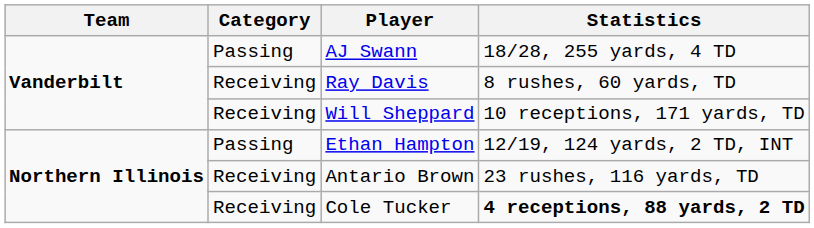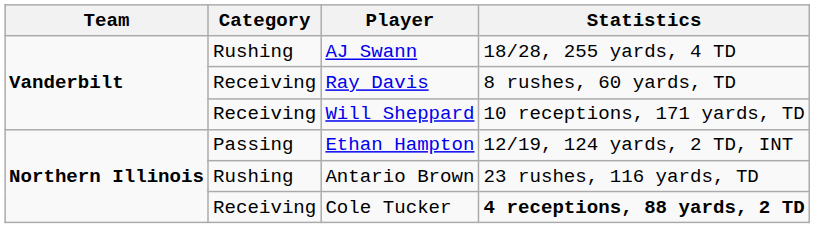 <table class="wikitable" style="float: right;">
 <tr>
 <th>Team</th>
 <th>Category</th>
 <th>Player</th>
 <th>Statistics</th>
 </tr>
 <tr>
 <td rowspan=3><strong>Vanderbilt</strong></td>
-<td>Passing</td>
+<td>Rushing</td>
 <td><a href='#'>AJ Swann</a></td>
 <td>18/28, 255 yards, 4 TD</td>
 </tr>
 <tr>
 <td>Receiving</td>
 <td><a href='#'>Ray Davis</a></td>
 <td>8 rushes, 60 yards, TD</td>
 </tr>
 <tr>
 <td>Receiving</td>
 <td><a href='#'>Will Sheppard</a></td>
 <td>10 receptions, 171 yards, TD</td>
 </tr>
 <tr>
 <td rowspan=3><strong>Northern Illinois</strong></td>
 <td>Passing</td>
 <td><a href='#'>Ethan Hampton</a></td>
 <td>12/19, 124 yards, 2 TD, INT</td>
 </tr>
 <tr>
-<td>Receiving</td>
+<td>Rushing</td>
 <td>Antario Brown</td>
 <td>23 rushes, 116 yards, TD</td>
 </tr>
 <tr>
 <td>Receiving</td>
 <td>Cole Tucker</td>
 <td><strong>4 receptions, 88 yards, 2 TD</strong></td>
 </tr>
 </table>
